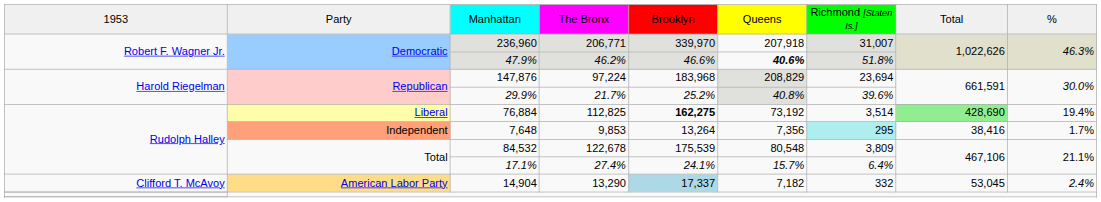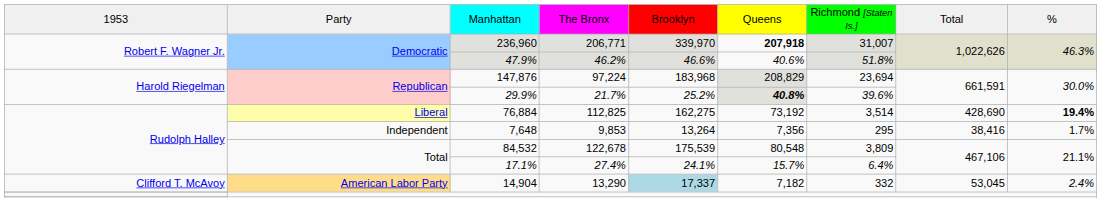 <table class="wikitable" style="width:100%; text-align:right;">
 <tr style="text-align:center;">
 <td style="width:20%; background:#f0f0f0;">1953</td>
 <td style="width:20%; background:#f0f0f0;">Party</td>
 <td style="width:8%; background:aqua;">Manhattan</td>
 <td style="width:8%; background:magenta;">The Bronx</td>
 <td style="width:8%; background:red;">Brooklyn</td>
 <td style="width:8%; background:yellow;">Queens</td>
 <td style="width:8%; background:lime;">Richmond <small><em>[Staten Is.]</em></small></td>
 <td style="width:10%; background:#f0f0f0;">Total</td>
 <td style="width:8%; background:#f0f0f0;">%</td>
 </tr>
 <tr>
 <td rowspan="2"><a href='#'>Robert F. Wagner Jr.</a></td>
 <td rowspan="2" style="background:#9cf;"><a href='#'>Democratic</a></td>
 <td style="background:#e0e0dd;">236,960</td>
 <td style="background:#e0e0dd;">206,771</td>
 <td style="background:#e0e0dd;">339,970</td>
-<td>207,918</td>
+<td><strong>207,918</strong></td>
 <td style="background:#e0e0dd;">31,007</td>
 <td rowspan="2" style="background:#e0e0cc;">1,022,626</td>
 <td style="background:#e0e0cc;" rowspan="2"><em>46.3%</em></td>
 </tr>
 <tr>
 <td style="background:#e0e0dd;"><em>47.9%</em></td>
 <td style="background:#e0e0dd;"><em>46.2%</em></td>
 <td style="background:#e0e0dd;"><em>46.6%</em></td>
-<td><strong><em>40.6%</em></strong></td>
+<td><em>40.6%</em></td>
 <td style="background:#e0e0dd;"><em>51.8%</em></td>
 </tr>
 <tr>
 <td rowspan="2"><a href='#'>Harold Riegelman</a></td>
 <td rowspan="2" style="background:#fcc;"><a href='#'>Republican</a></td>
 <td>147,876</td>
 <td>97,224</td>
 <td>183,968</td>
 <td style="background:#e0e0dd;">208,829</td>
 <td>23,694</td>
 <td rowspan="2">661,591</td>
 <td rowspan="2"><em>30.0%</em></td>
 </tr>
 <tr>
 <td><em>29.9%</em></td>
 <td><em>21.7%</em></td>
 <td><em>25.2%</em></td>
-<td style="background:#e0e0dd;"><em>40.8%</em></td>
+<td style="background:#e0e0dd;"><strong><em>40.8%</em></strong></td>
 <td><em>39.6%</em></td>
 </tr>
 <tr>
 <td rowspan="4"><a href='#'>Rudolph Halley</a></td>
 <td style="background:#fefeaa;"><a href='#'>Liberal</a></td>
 <td>76,884</td>
 <td>112,825</td>
-<td><strong>162,275</strong></td>
+<td>162,275</td>
 <td>73,192</td>
 <td>3,514</td>
-<td style="background: lightgreen;">428,690</td>
-<td>19.4%</td>
+<td>428,690</td>
+<td><strong>19.4%</strong></td>
 </tr>
 <tr>
-<td style="background: lightsalmon;">Independent</td>
+<td>Independent</td>
 <td>7,648</td>
 <td>9,853</td>
 <td>13,264</td>
 <td>7,356</td>
-<td style="background: paleturquoise;">295</td>
+<td>295</td>
 <td>38,416</td>
 <td>1.7%</td>
 </tr>
 <tr>
 <td rowspan="2">Total</td>
 <td>84,532</td>
 <td>122,678</td>
 <td>175,539</td>
 <td>80,548</td>
 <td>3,809</td>
 <td rowspan="2">467,106</td>
 <td rowspan="2">21.1%</td>
 </tr>
 <tr>
 <td><em>17.1%</em></td>
 <td><em>27.4%</em></td>
 <td><em>24.1%</em></td>
 <td><em>15.7%</em></td>
 <td><em>6.4%</em></td>
 </tr>
 <tr>
 <td><a href='#'>Clifford T. McAvoy</a></td>
 <td style="background:#ffdd88;"><a href='#'>American Labor Party</a></td>
 <td>14,904</td>
 <td>13,290</td>
 <td style="background: lightblue;">17,337</td>
 <td>7,182</td>
 <td>332</td>
 <td>53,045</td>
 <td><em>2.4%</em></td>
 </tr>
 <tr>
 </tr>
 <tr>
 <td></td>
 </tr>
 <tr>
 </tr>
 <tr>
 </tr>
 </table>
